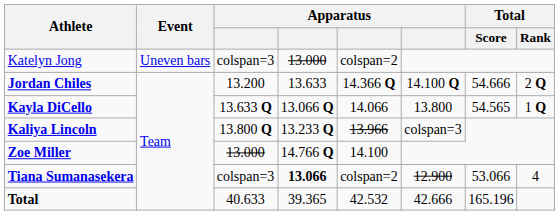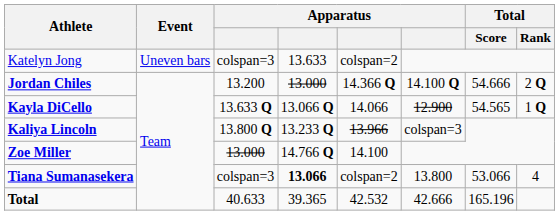 <table class=wikitable style=font-size:90%;text-align:center>
 <tr>
 <th rowspan=2>Athlete</th>
 <th rowspan=2>Event</th>
 <th colspan=4>Apparatus</th>
 <th colspan=2>Total</th>
 </tr>
 <tr style=font-size:95%>
 <th></th>
 <th></th>
 <th></th>
 <th></th>
 <th>Score</th>
 <th>Rank</th>
 </tr>
 <tr>
 <td align=left><a href='#'>Katelyn Jong</a></td>
 <td align=left><a href='#'>Uneven bars</a></td>
 <td>colspan=3 </td>
-<td><s>13.000</s></td>
+<td>13.633</td>
 <td>colspan=2 </td>
 </tr>
 <tr>
 <td align=left><strong><a href='#'>Jordan Chiles</a></strong></td>
 <td align=left rowspan=6><a href='#'>Team</a></td>
 <td>13.200</td>
-<td>13.633</td>
+<td><s>13.000</s></td>
 <td>14.366 <strong>Q</strong></td>
 <td>14.100 <strong>Q</strong></td>
 <td>54.666</td>
 <td>2 <strong>Q</strong></td>
 </tr>
 <tr>
 <td align=left><strong><a href='#'>Kayla DiCello</a></strong></td>
 <td>13.633 <strong>Q</strong></td>
 <td>13.066 <strong>Q</strong></td>
 <td>14.066</td>
-<td>13.800</td>
+<td><s>12.900</s></td>
 <td>54.565</td>
 <td>1 <strong>Q</strong></td>
 </tr>
 <tr>
 <td align=left><strong><a href='#'>Kaliya Lincoln</a></strong></td>
 <td>13.800 <strong>Q</strong></td>
 <td>13.233 <strong>Q</strong></td>
 <td><s>13.966</s></td>
 <td>colspan=3 </td>
 </tr>
 <tr>
 <td align=left><strong><a href='#'>Zoe Miller</a></strong></td>
 <td><s>13.000</s></td>
 <td>14.766 <strong>Q</strong></td>
 <td>14.100</td>
 </tr>
 <tr>
 <td align=left><strong><a href='#'>Tiana Sumanasekera</a></strong></td>
 <td>colspan=3 </td>
 <td><strong>13.066</strong></td>
 <td>colspan=2 </td>
-<td><s>12.900</s></td>
+<td>13.800</td>
 <td>53.066</td>
 <td>4</td>
 </tr>
 <tr>
 <td align=left><strong>Total</strong></td>
 <td>40.633</td>
 <td>39.365</td>
 <td>42.532</td>
 <td>42.666</td>
 <td>165.196</td>
 <td></td>
 </tr>
 </table>
